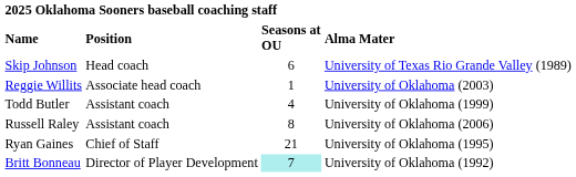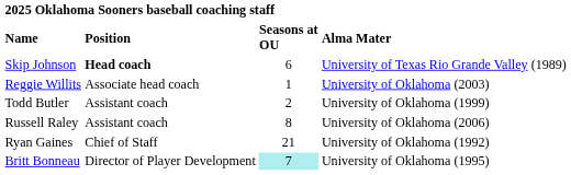 <table class="toccolours" style="text-align: left; font-size:90%;">
 <tr>
 <th colspan="4">2025 Oklahoma Sooners baseball coaching staff</th>
 </tr>
 <tr>
 <th>Name</th>
 <th>Position</th>
 <th>Seasons at<br>OU</th>
 <th>Alma Mater</th>
 </tr>
 <tr>
 <td><a href='#'>Skip Johnson</a></td>
-<td>Head coach</td>
+<td><strong>Head coach</strong></td>
 <td align=center>6</td>
 <td><a href='#'>University of Texas Rio Grande Valley</a> (1989)</td>
 </tr>
 <tr>
 <td><a href='#'>Reggie Willits</a></td>
 <td>Associate head coach</td>
 <td align=center>1</td>
 <td><a href='#'>University of Oklahoma</a> (2003)</td>
 </tr>
 <tr>
 <td>Todd Butler</td>
 <td>Assistant coach</td>
-<td align=center>4</td>
+<td align=center>2</td>
 <td>University of Oklahoma (1999)</td>
 </tr>
 <tr>
 <td>Russell Raley</td>
 <td>Assistant coach</td>
 <td align=center>8</td>
 <td>University of Oklahoma (2006)</td>
 </tr>
 <tr>
 <td>Ryan Gaines</td>
 <td>Chief of Staff</td>
 <td align=center>21</td>
-<td>University of Oklahoma (1995)</td>
+<td>University of Oklahoma (1992)</td>
 </tr>
 <tr>
 <td><a href='#'>Britt Bonneau</a></td>
 <td>Director of Player Development</td>
 <td align=center style="background: paleturquoise;">7</td>
-<td>University of Oklahoma (1992)</td>
+<td>University of Oklahoma (1995)</td>
 </tr>
 </table>
